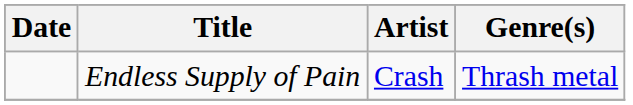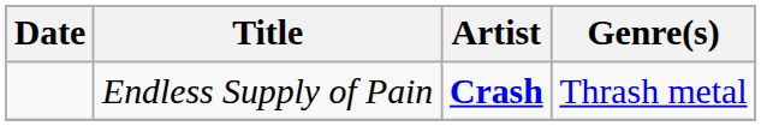 <table class="wikitable" style="text-align: left;">
 <tr>
 <th>Date</th>
 <th>Title</th>
 <th>Artist</th>
 <th>Genre(s)</th>
 </tr>
 <tr>
 <td></td>
 <td><em>Endless Supply of Pain</em></td>
-<td><a href='#'>Crash</a></td>
+<td><strong><a href='#'>Crash</a></strong></td>
 <td><a href='#'>Thrash metal</a></td>
 </tr>
 <tr>
 </tr>
 </table>
